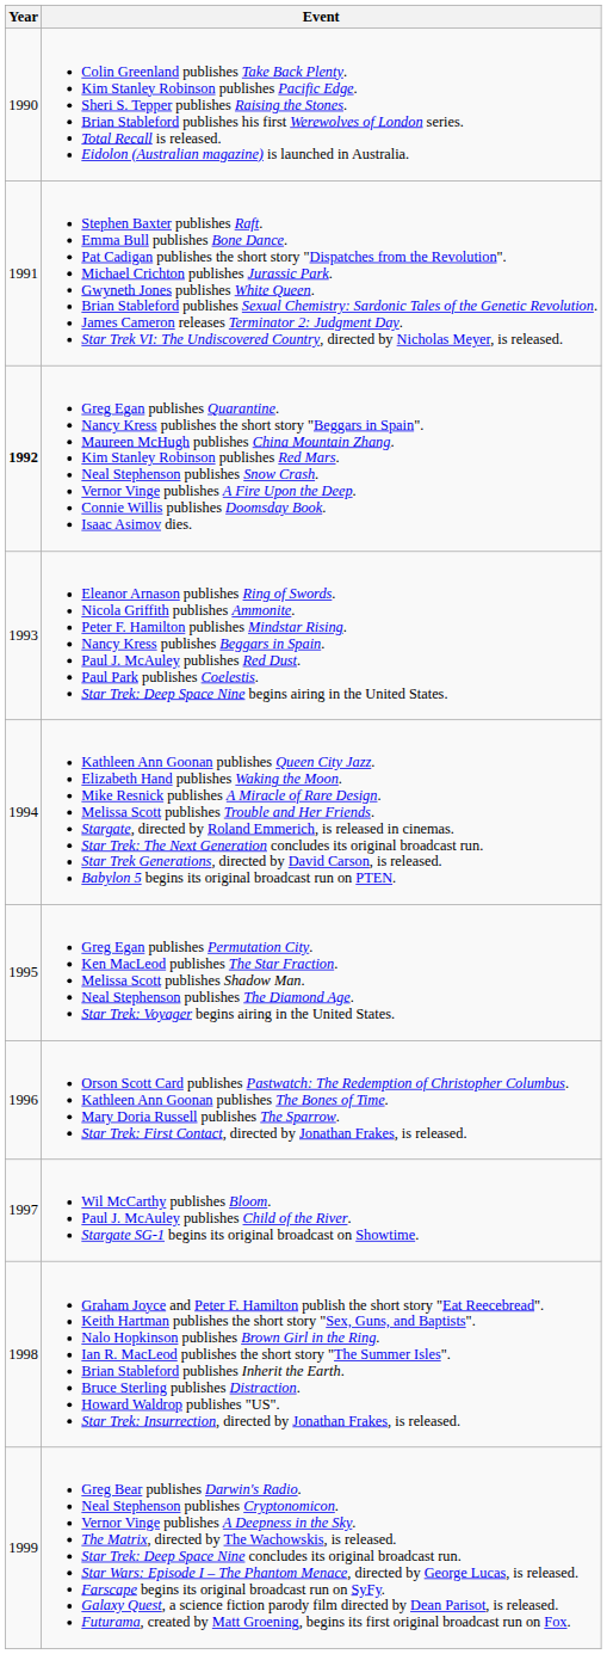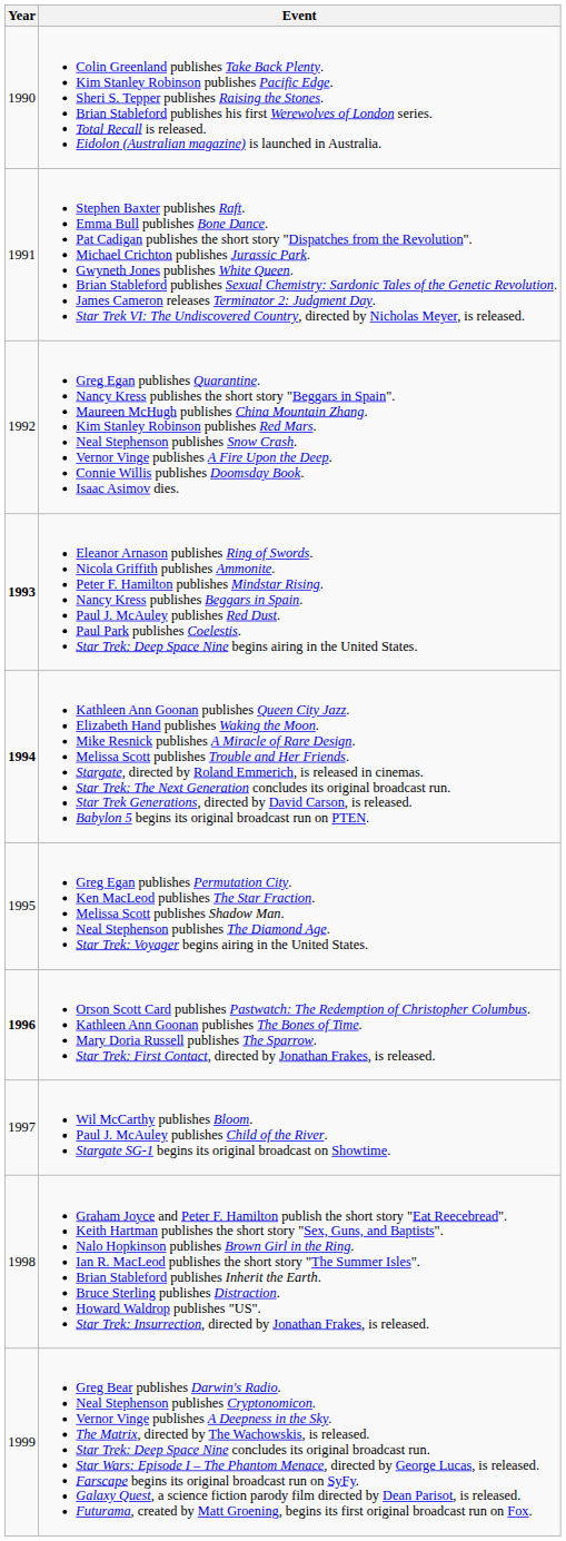 <table class="wikitable">
 <tr>
 <th scope="col">Year</th>
 <th scope="col">Event</th>
 </tr>
 <tr>
 <td>1990</td>
 <td><br><ul><li><a href='#'>Colin Greenland</a> publishes <em><a href='#'>Take Back Plenty</a></em>.</li><li><a href='#'>Kim Stanley Robinson</a> publishes <em><a href='#'>Pacific Edge</a></em>.</li><li><a href='#'>Sheri S. Tepper</a> publishes <em><a href='#'>Raising the Stones</a></em>.</li><li><a href='#'>Brian Stableford</a> publishes his first <em><a href='#'>Werewolves of London</a></em> series.</li><li><em><a href='#'>Total Recall</a></em> is released.</li><li><em><a href='#'>Eidolon (Australian magazine)</a></em> is launched in Australia.</li></ul></td>
 </tr>
 <tr>
 <td>1991</td>
 <td><br><ul><li><a href='#'>Stephen Baxter</a> publishes <em><a href='#'>Raft</a></em>.</li><li><a href='#'>Emma Bull</a> publishes <em><a href='#'>Bone Dance</a></em>.</li><li><a href='#'>Pat Cadigan</a> publishes the short story "<a href='#'>Dispatches from the Revolution</a>".</li><li><a href='#'>Michael Crichton</a> publishes <em><a href='#'>Jurassic Park</a></em>.</li><li><a href='#'>Gwyneth Jones</a> publishes <em><a href='#'>White Queen</a></em>.</li><li><a href='#'>Brian Stableford</a> publishes <em><a href='#'>Sexual Chemistry: Sardonic Tales of the Genetic Revolution</a></em>.</li><li><a href='#'>James Cameron</a> releases <em><a href='#'>Terminator 2: Judgment Day</a></em>.</li><li><em><a href='#'>Star Trek VI: The Undiscovered Country</a></em>, directed by <a href='#'>Nicholas Meyer</a>, is released.</li></ul></td>
 </tr>
 <tr>
-<td><strong>1992</strong></td>
+<td>1992</td>
 <td><br><ul><li><a href='#'>Greg Egan</a> publishes <em><a href='#'>Quarantine</a></em>.</li><li><a href='#'>Nancy Kress</a> publishes the short story "<a href='#'>Beggars in Spain</a>".</li><li><a href='#'>Maureen McHugh</a> publishes <em><a href='#'>China Mountain Zhang</a></em>.</li><li><a href='#'>Kim Stanley Robinson</a> publishes <em><a href='#'>Red Mars</a></em>.</li><li><a href='#'>Neal Stephenson</a> publishes <em><a href='#'>Snow Crash</a></em>.</li><li><a href='#'>Vernor Vinge</a> publishes <em><a href='#'>A Fire Upon the Deep</a></em>.</li><li><a href='#'>Connie Willis</a> publishes <em><a href='#'>Doomsday Book</a></em>.</li><li><a href='#'>Isaac Asimov</a> dies.</li></ul></td>
 </tr>
 <tr>
-<td>1993</td>
+<td><strong>1993</strong></td>
 <td><br><ul><li><a href='#'>Eleanor Arnason</a> publishes <em><a href='#'>Ring of Swords</a></em>.</li><li><a href='#'>Nicola Griffith</a> publishes <em><a href='#'>Ammonite</a></em>.</li><li><a href='#'>Peter F. Hamilton</a> publishes <em><a href='#'>Mindstar Rising</a></em>.</li><li><a href='#'>Nancy Kress</a> publishes <em><a href='#'>Beggars in Spain</a></em>.</li><li><a href='#'>Paul J. McAuley</a> publishes <em><a href='#'>Red Dust</a></em>.</li><li><a href='#'>Paul Park</a> publishes <em><a href='#'>Coelestis</a></em>.</li><li><em><a href='#'>Star Trek: Deep Space Nine</a></em> begins airing in the United States.</li></ul></td>
 </tr>
 <tr>
-<td>1994</td>
+<td><strong>1994</strong></td>
 <td><br><ul><li><a href='#'>Kathleen Ann Goonan</a> publishes <em><a href='#'>Queen City Jazz</a></em>.</li><li><a href='#'>Elizabeth Hand</a> publishes <em><a href='#'>Waking the Moon</a></em>.</li><li><a href='#'>Mike Resnick</a> publishes <em><a href='#'>A Miracle of Rare Design</a></em>.</li><li><a href='#'>Melissa Scott</a> publishes <em><a href='#'>Trouble and Her Friends</a></em>.</li><li><em><a href='#'>Stargate</a></em>, directed by <a href='#'>Roland Emmerich</a>, is released in cinemas.</li><li><em><a href='#'>Star Trek: The Next Generation</a></em> concludes its original broadcast run.</li><li><em><a href='#'>Star Trek Generations</a></em>, directed by <a href='#'>David Carson</a>, is released.</li><li><em><a href='#'>Babylon 5</a></em> begins its original broadcast run on <a href='#'>PTEN</a>.</li></ul></td>
 </tr>
 <tr>
 <td>1995</td>
 <td><br><ul><li><a href='#'>Greg Egan</a> publishes <em><a href='#'>Permutation City</a></em>.</li><li><a href='#'>Ken MacLeod</a> publishes <em><a href='#'>The Star Fraction</a></em>.</li><li><a href='#'>Melissa Scott</a> publishes <em>Shadow Man</em>.</li><li><a href='#'>Neal Stephenson</a> publishes <em><a href='#'>The Diamond Age</a></em>.</li><li><em><a href='#'>Star Trek: Voyager</a></em> begins airing in the United States.</li></ul></td>
 </tr>
 <tr>
-<td>1996</td>
+<td><strong>1996</strong></td>
 <td><br><ul><li><a href='#'>Orson Scott Card</a> publishes <em><a href='#'>Pastwatch: The Redemption of Christopher Columbus</a></em>.</li><li><a href='#'>Kathleen Ann Goonan</a> publishes <em><a href='#'>The Bones of Time</a></em>.</li><li><a href='#'>Mary Doria Russell</a> publishes <em><a href='#'>The Sparrow</a></em>.</li><li><em><a href='#'>Star Trek: First Contact</a></em>, directed by <a href='#'>Jonathan Frakes</a>, is released.</li></ul></td>
 </tr>
 <tr>
 <td>1997</td>
 <td><br><ul><li><a href='#'>Wil McCarthy</a> publishes <em><a href='#'>Bloom</a></em>.</li><li><a href='#'>Paul J. McAuley</a> publishes <em><a href='#'>Child of the River</a></em>.</li><li><em><a href='#'>Stargate SG-1</a></em> begins its original broadcast on <a href='#'>Showtime</a>.</li></ul></td>
 </tr>
 <tr>
 <td>1998</td>
 <td><br><ul><li><a href='#'>Graham Joyce</a> and <a href='#'>Peter F. Hamilton</a> publish the short story "<a href='#'>Eat Reecebread</a>".</li><li><a href='#'>Keith Hartman</a> publishes the short story "<a href='#'>Sex, Guns, and Baptists</a>".</li><li><a href='#'>Nalo Hopkinson</a> publishes <em><a href='#'>Brown Girl in the Ring</a></em>.</li><li><a href='#'>Ian R. MacLeod</a> publishes the short story "<a href='#'>The Summer Isles</a>".</li><li><a href='#'>Brian Stableford</a> publishes <em>Inherit the Earth</em>.</li><li><a href='#'>Bruce Sterling</a> publishes <em><a href='#'>Distraction</a></em>.</li><li><a href='#'>Howard Waldrop</a> publishes "US".</li><li><em><a href='#'>Star Trek: Insurrection</a></em>, directed by <a href='#'>Jonathan Frakes</a>, is released.</li></ul></td>
 </tr>
 <tr>
 <td>1999</td>
 <td><br><ul><li><a href='#'>Greg Bear</a> publishes <em><a href='#'>Darwin's Radio</a></em>.</li><li><a href='#'>Neal Stephenson</a> publishes <em><a href='#'>Cryptonomicon</a></em>.</li><li><a href='#'>Vernor Vinge</a> publishes <em><a href='#'>A Deepness in the Sky</a></em>.</li><li><em><a href='#'>The Matrix</a></em>, directed by <a href='#'>The Wachowskis</a>, is released.</li><li><em><a href='#'>Star Trek: Deep Space Nine</a></em> concludes its original broadcast run.</li><li><em><a href='#'>Star Wars: Episode I – The Phantom Menace</a></em>, directed by <a href='#'>George Lucas</a>, is released.</li><li><em><a href='#'>Farscape</a></em> begins its original broadcast run on <a href='#'>SyFy</a>.</li><li><em><a href='#'>Galaxy Quest</a></em>, a science fiction parody film directed by <a href='#'>Dean Parisot</a>, is released.</li><li><em><a href='#'>Futurama</a></em>, created by <a href='#'>Matt Groening</a>, begins its first original broadcast run on <a href='#'>Fox</a>.</li></ul></td>
 </tr>
 </table>
